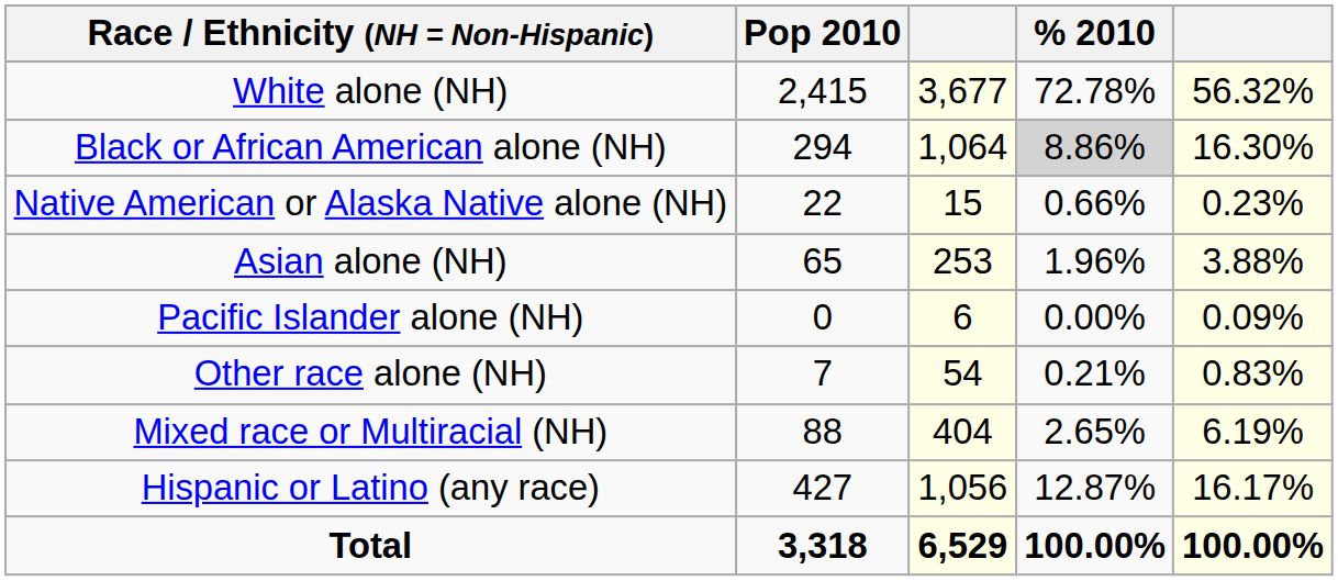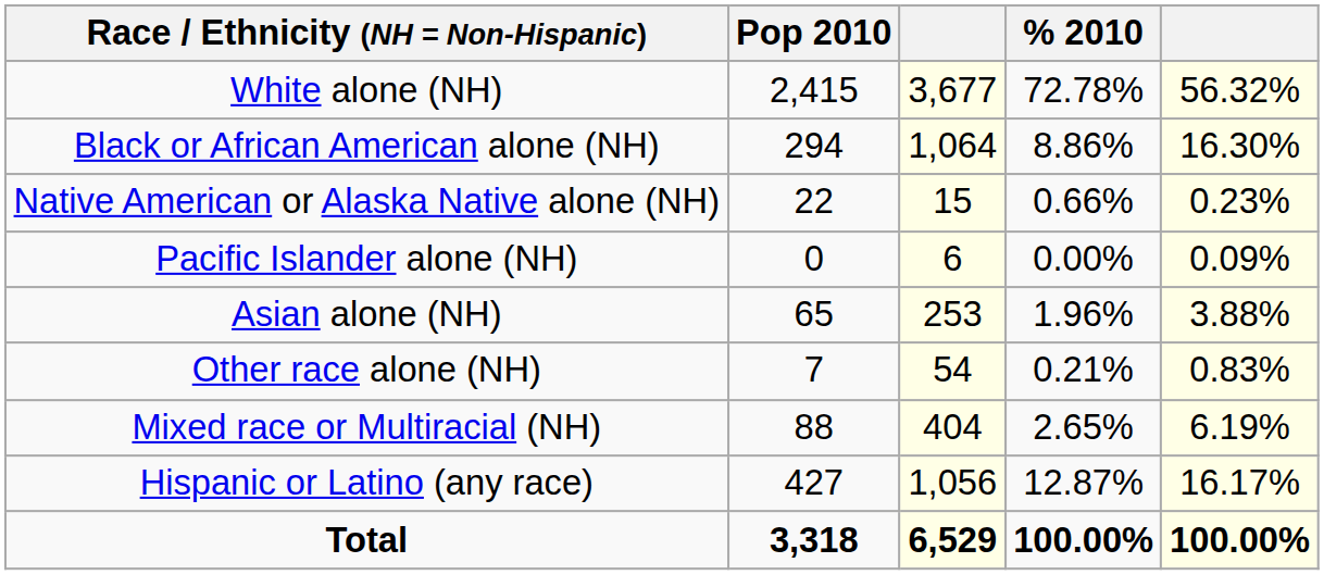 <table class="wikitable" style="text-align:center;">
 <tr>
 <th>Race / Ethnicity <small>(<em>NH = Non-Hispanic</em>)</small></th>
 <th>Pop 2010</th>
 <th></th>
 <th>% 2010</th>
 <th></th>
 </tr>
 <tr>
 <td><a href='#'>White</a> alone (NH)</td>
 <td>2,415</td>
 <td style='background: #ffffe6;'>3,677</td>
 <td>72.78%</td>
 <td style='background: #ffffe6;'>56.32%</td>
 </tr>
 <tr>
 <td><a href='#'>Black or African American</a> alone (NH)</td>
 <td>294</td>
 <td style='background: #ffffe6;'>1,064</td>
-<td style="background: lightgrey;">8.86%</td>
+<td>8.86%</td>
 <td style='background: #ffffe6;'>16.30%</td>
 </tr>
 <tr>
 <td><a href='#'>Native American</a> or <a href='#'>Alaska Native</a> alone (NH)</td>
 <td>22</td>
 <td style='background: #ffffe6;'>15</td>
 <td>0.66%</td>
 <td style='background: #ffffe6;'>0.23%</td>
 </tr>
 <tr>
+<td><a href='#'>Pacific Islander</a> alone (NH)</td>
+<td>0</td>
+<td style='background: #ffffe6;'>6</td>
+<td>0.00%</td>
+<td style='background: #ffffe6;'>0.09%</td>
+</tr>
+<tr>
 <td><a href='#'>Asian</a> alone (NH)</td>
 <td>65</td>
 <td style='background: #ffffe6;'>253</td>
 <td>1.96%</td>
 <td style='background: #ffffe6;'>3.88%</td>
-</tr>
-<tr>
-<td><a href='#'>Pacific Islander</a> alone (NH)</td>
-<td>0</td>
-<td style='background: #ffffe6;'>6</td>
-<td>0.00%</td>
-<td style='background: #ffffe6;'>0.09%</td>
 </tr>
 <tr>
 <td><a href='#'>Other race</a> alone (NH)</td>
 <td>7</td>
 <td style='background: #ffffe6;'>54</td>
 <td>0.21%</td>
 <td style='background: #ffffe6;'>0.83%</td>
 </tr>
 <tr>
 <td><a href='#'>Mixed race or Multiracial</a> (NH)</td>
 <td>88</td>
 <td style='background: #ffffe6;'>404</td>
 <td>2.65%</td>
 <td style='background: #ffffe6;'>6.19%</td>
 </tr>
 <tr>
 <td><a href='#'>Hispanic or Latino</a> (any race)</td>
 <td>427</td>
 <td style='background: #ffffe6;'>1,056</td>
 <td>12.87%</td>
 <td style='background: #ffffe6;'>16.17%</td>
 </tr>
 <tr>
 <td><strong>Total</strong></td>
 <td><strong>3,318</strong></td>
 <td style='background: #ffffe6;'><strong>6,529</strong></td>
 <td><strong>100.00%</strong></td>
 <td style='background: #ffffe6;'><strong>100.00%</strong></td>
 </tr>
 </table>
